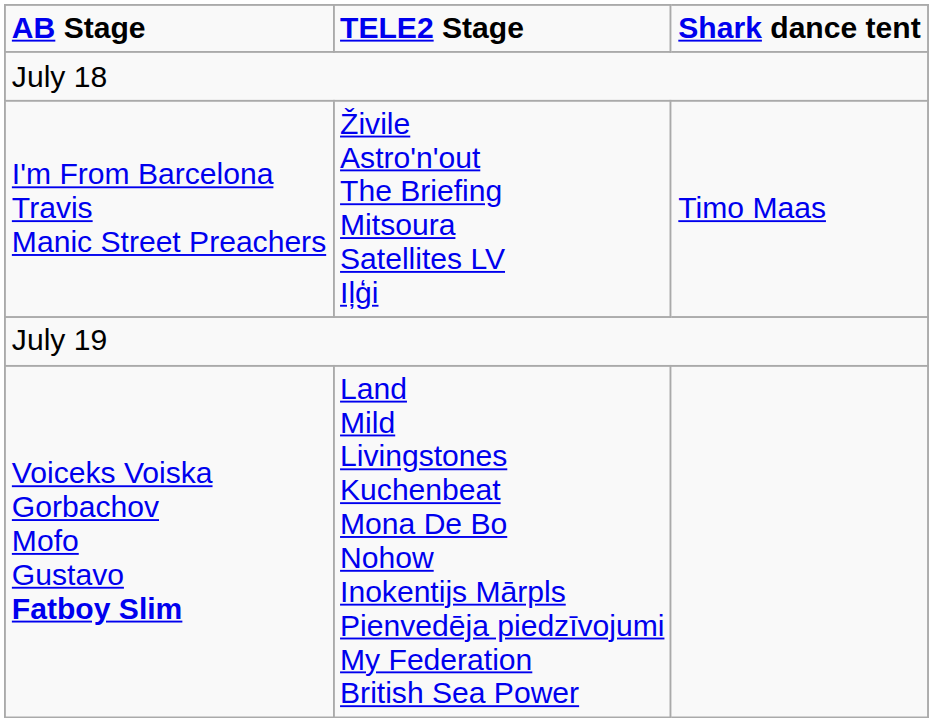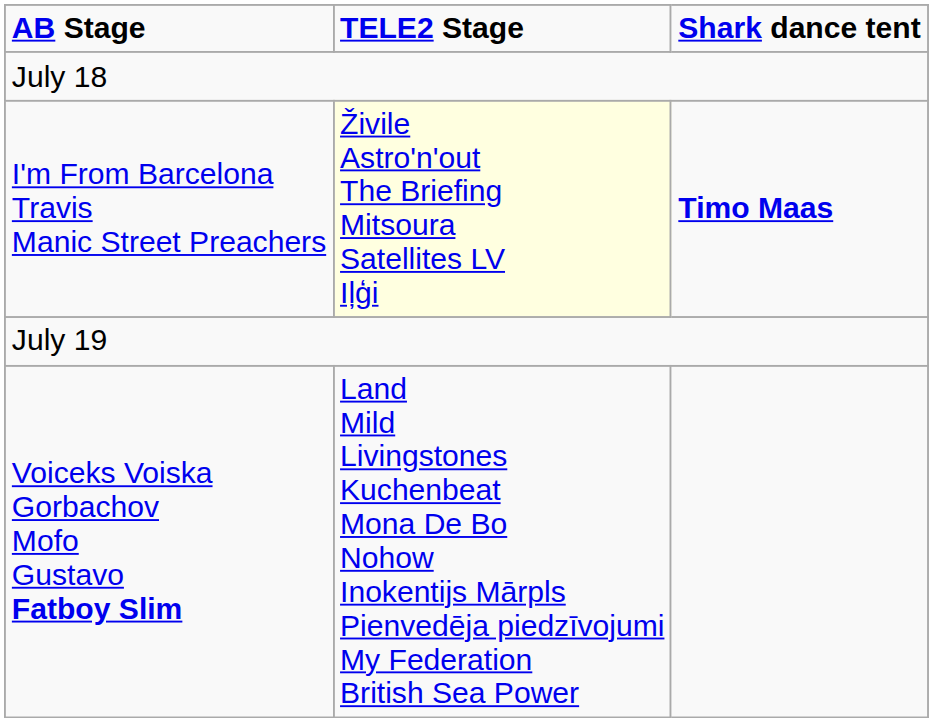 <table class="wikitable">
 <tr>
 <td><strong><a href='#'>AB</a> Stage</strong></td>
 <td><strong><a href='#'>TELE2</a> Stage</strong></td>
 <td><strong><a href='#'>Shark</a> dance tent</strong></td>
 </tr>
 <tr>
 <td colspan="4">July 18</td>
 </tr>
 <tr>
 <td><a href='#'>I'm From Barcelona</a><br> <a href='#'>Travis</a><br> <a href='#'>Manic Street Preachers</a></td>
-<td><a href='#'>Živile</a><br> <a href='#'>Astro'n'out</a><br> <a href='#'>The Briefing</a><br> <a href='#'>Mitsoura</a><br> <a href='#'>Satellites LV</a><br> <a href='#'>Iļģi</a></td>
-<td><a href='#'>Timo Maas</a></td>
+<td style="background: lightyellow;"><a href='#'>Živile</a><br> <a href='#'>Astro'n'out</a><br> <a href='#'>The Briefing</a><br> <a href='#'>Mitsoura</a><br> <a href='#'>Satellites LV</a><br> <a href='#'>Iļģi</a></td>
+<td><strong><a href='#'>Timo Maas</a></strong></td>
 </tr>
 <tr>
 <td colspan="4">July 19</td>
 </tr>
 <tr>
 <td><a href='#'>Voiceks Voiska</a><br> <a href='#'>Gorbachov</a><br> <a href='#'>Mofo</a><br> <a href='#'>Gustavo</a><br> <strong><a href='#'>Fatboy Slim</a></strong></td>
 <td><a href='#'>Land</a><br> <a href='#'>Mild</a><br> <a href='#'>Livingstones</a><br> <a href='#'>Kuchenbeat</a><br> <a href='#'>Mona De Bo</a><br> <a href='#'>Nohow</a><br> <a href='#'>Inokentijs Mārpls</a><br> <a href='#'>Pienvedēja piedzīvojumi</a><br> <a href='#'>My Federation</a><br> <a href='#'>British Sea Power</a></td>
 <td></td>
 </tr>
 </table>
